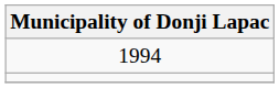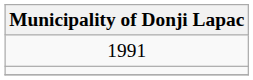 <table class="wikitable" style="margin: 0.5em auto; text-align: center;">
 <tr>
 <th colspan="1">Municipality of Donji Lapac</th>
 </tr>
 <tr>
-<td>1994</td>
+<td>1991</td>
 </tr>
 <tr>
 <td></td>
 </tr>
 <tr>
 </tr>
 </table>
